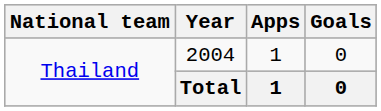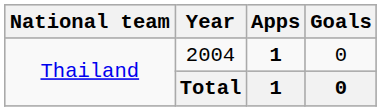 <table class="wikitable" style="text-align:center">
 <tr>
 <th>National team</th>
 <th>Year</th>
 <th>Apps</th>
 <th>Goals</th>
 </tr>
 <tr>
 <td rowspan="5" valign="center"><a href='#'>Thailand</a></td>
 <td>2004</td>
-<td>1</td>
+<td><strong>1</strong></td>
 <td>0</td>
 </tr>
 <tr>
 <th>Total</th>
 <th>1</th>
 <th>0</th>
 </tr>
 </table>
